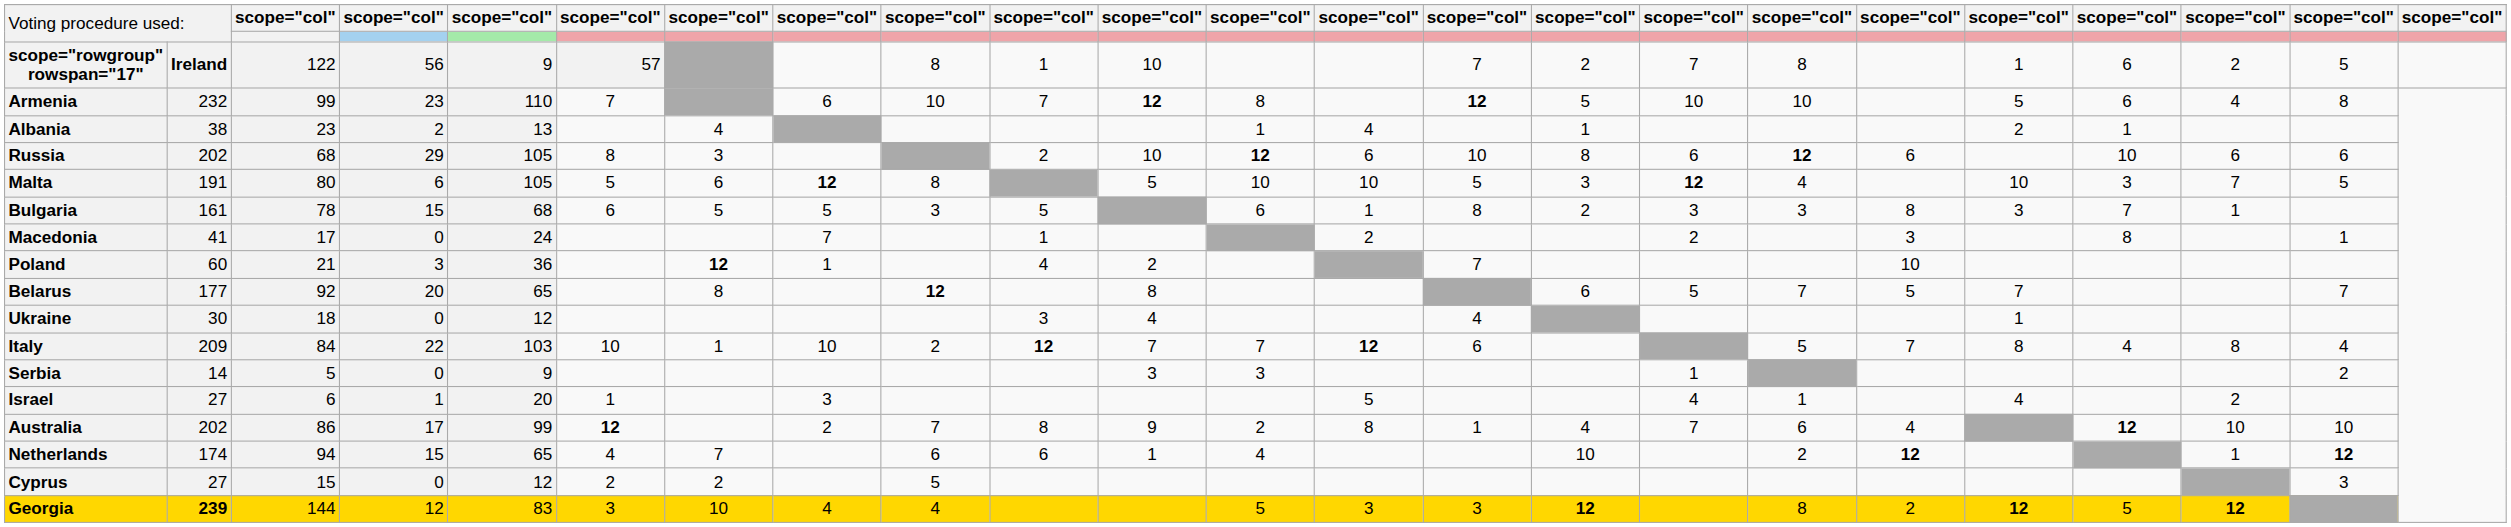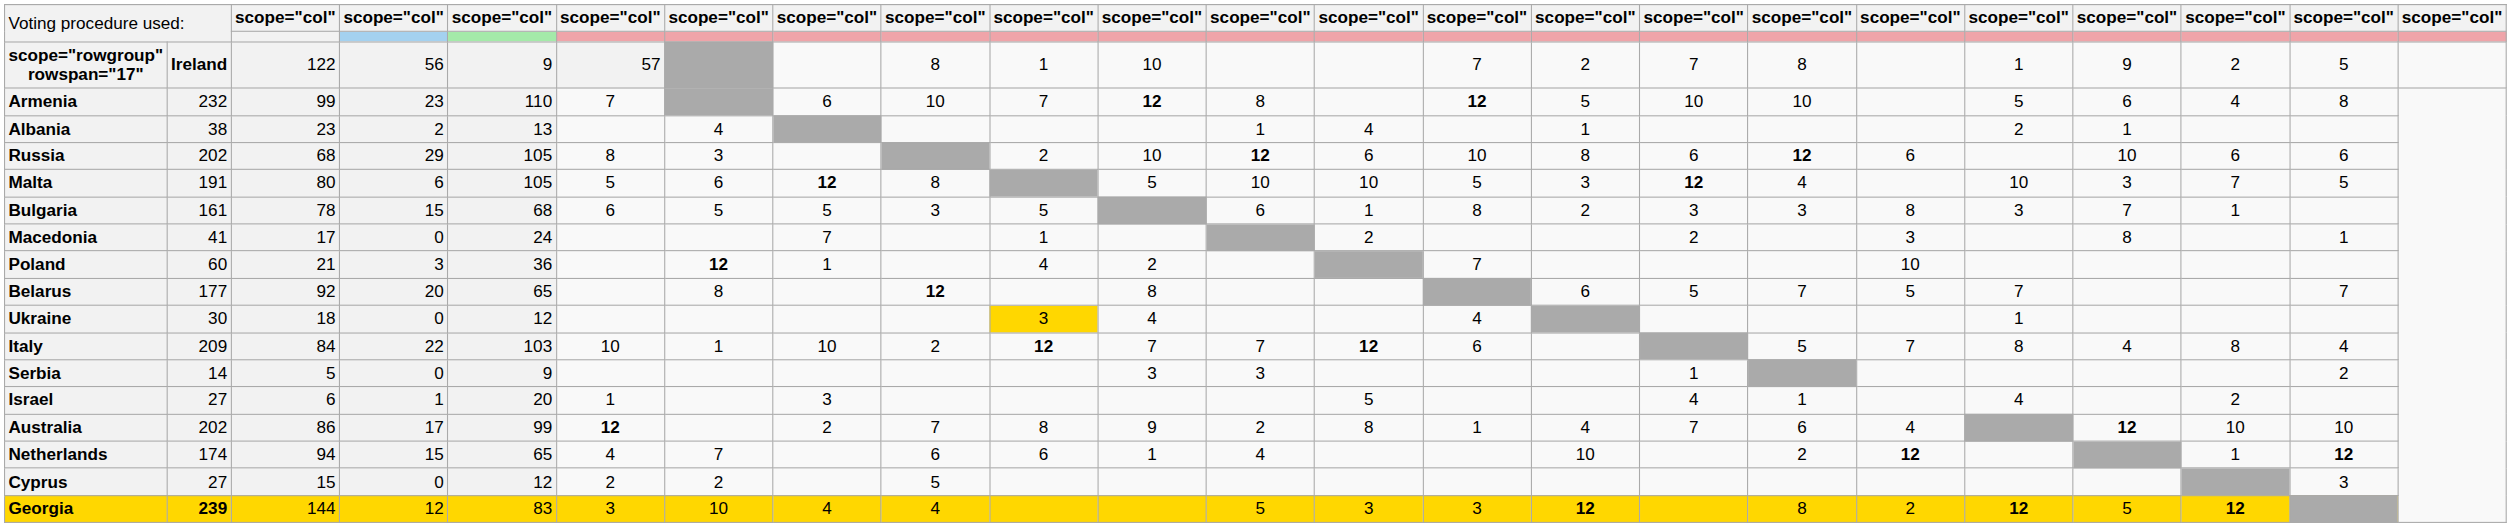 <table class="wikitable plainrowheaders" style="text-align:center;">
 <tr>
 </tr>
 <tr>
 <td colspan="2" rowspan="2" style="text-align:left; background:#F2F2F2">Voting procedure used:<br></td>
 <th>scope="col" </th>
 <th>scope="col" </th>
 <th>scope="col" </th>
 <th>scope="col" </th>
 <th>scope="col" </th>
 <th>scope="col" </th>
 <th>scope="col" </th>
 <th>scope="col" </th>
 <th>scope="col" </th>
 <th>scope="col" </th>
 <th>scope="col" </th>
 <th>scope="col" </th>
 <th>scope="col" </th>
 <th>scope="col" </th>
 <th>scope="col" </th>
 <th>scope="col" </th>
 <th>scope="col" </th>
 <th>scope="col" </th>
 <th>scope="col" </th>
 <th>scope="col" </th>
 <th>scope="col" </th>
 </tr>
 <tr>
 <th style="height:2px; border-top:1px solid transparent;"></th>
 <td style="background:#A4D1EF;"></td>
 <td style="background:#A4EAA9;"></td>
 <td style="background:#EFA4A9;"></td>
 <td style="background:#EFA4A9;"></td>
 <td style="background:#EFA4A9;"></td>
 <td style="background:#EFA4A9;"></td>
 <td style="background:#EFA4A9;"></td>
 <td style="background:#EFA4A9;"></td>
 <td style="background:#EFA4A9;"></td>
 <td style="background:#EFA4A9;"></td>
 <td style="background:#EFA4A9;"></td>
 <td style="background:#EFA4A9;"></td>
 <td style="background:#EFA4A9;"></td>
 <td style="background:#EFA4A9;"></td>
 <td style="background:#EFA4A9;"></td>
 <td style="background:#EFA4A9;"></td>
 <td style="background:#EFA4A9;"></td>
 <td style="background:#EFA4A9;"></td>
 <td style="background:#EFA4A9;"></td>
 <td style="background:#EFA4A9;"></td>
 </tr>
 <tr>
 <th>scope="rowgroup" rowspan="17" </th>
 <th scope="row" style="text-align:left; background:#f2f2f2;">Ireland</th>
 <td style="text-align:right; background:#f2f2f2;">122</td>
 <td style="text-align:right; background:#f2f2f2;">56</td>
 <td style="text-align:right; background:#f2f2f2;">9</td>
 <td style="text-align:right; background:#f2f2f2;">57</td>
 <td style="text-align:left; background:#aaa;"></td>
 <td></td>
 <td>8</td>
 <td>1</td>
 <td>10</td>
 <td></td>
 <td></td>
 <td>7</td>
 <td>2</td>
 <td>7</td>
 <td>8</td>
 <td></td>
 <td>1</td>
-<td>6</td>
+<td>9</td>
 <td>2</td>
 <td>5</td>
 <td></td>
 </tr>
 <tr>
 <th scope="row" style="text-align:left; background:#f2f2f2;">Armenia</th>
 <td style="text-align:right; background:#f2f2f2;">232</td>
 <td style="text-align:right; background:#f2f2f2;">99</td>
 <td style="text-align:right; background:#f2f2f2;">23</td>
 <td style="text-align:right; background:#f2f2f2;">110</td>
 <td>7</td>
 <td style="text-align:left; background:#aaa;"></td>
 <td>6</td>
 <td>10</td>
 <td>7</td>
 <td><strong>12</strong></td>
 <td>8</td>
 <td></td>
 <td><strong>12</strong></td>
 <td>5</td>
 <td>10</td>
 <td>10</td>
 <td></td>
 <td>5</td>
 <td>6</td>
 <td>4</td>
 <td>8</td>
 </tr>
 <tr>
 <th scope="row" style="text-align:left; background:#f2f2f2;">Albania</th>
 <td style="text-align:right; background:#f2f2f2;">38</td>
 <td style="text-align:right; background:#f2f2f2;">23</td>
 <td style="text-align:right; background:#f2f2f2;">2</td>
 <td style="text-align:right; background:#f2f2f2;">13</td>
 <td></td>
 <td>4</td>
 <td style="text-align:left; background:#aaa;"></td>
 <td></td>
 <td></td>
 <td></td>
 <td>1</td>
 <td>4</td>
 <td></td>
 <td>1</td>
 <td></td>
 <td></td>
 <td></td>
 <td>2</td>
 <td>1</td>
 <td></td>
 <td></td>
 </tr>
 <tr>
 <th scope="row" style="text-align:left; background:#f2f2f2;">Russia</th>
 <td style="text-align:right; background:#f2f2f2;">202</td>
 <td style="text-align:right; background:#f2f2f2;">68</td>
 <td style="text-align:right; background:#f2f2f2;">29</td>
 <td style="text-align:right; background:#f2f2f2;">105</td>
 <td>8</td>
 <td>3</td>
 <td></td>
 <td style="text-align:left; background:#aaa;"></td>
 <td>2</td>
 <td>10</td>
 <td><strong>12</strong></td>
 <td>6</td>
 <td>10</td>
 <td>8</td>
 <td>6</td>
 <td><strong>12</strong></td>
 <td>6</td>
 <td></td>
 <td>10</td>
 <td>6</td>
 <td>6</td>
 </tr>
 <tr>
 <th scope="row" style="text-align:left; background:#f2f2f2;">Malta</th>
 <td style="text-align:right; background:#f2f2f2;">191</td>
 <td style="text-align:right; background:#f2f2f2;">80</td>
 <td style="text-align:right; background:#f2f2f2;">6</td>
 <td style="text-align:right; background:#f2f2f2;">105</td>
 <td>5</td>
 <td>6</td>
 <td><strong>12</strong></td>
 <td>8</td>
 <td style="text-align:left; background:#aaa;"></td>
 <td>5</td>
 <td>10</td>
 <td>10</td>
 <td>5</td>
 <td>3</td>
 <td><strong>12</strong></td>
 <td>4</td>
 <td></td>
 <td>10</td>
 <td>3</td>
 <td>7</td>
 <td>5</td>
 </tr>
 <tr>
 <th scope="row" style="text-align:left; background:#f2f2f2;">Bulgaria</th>
 <td style="text-align:right; background:#f2f2f2;">161</td>
 <td style="text-align:right; background:#f2f2f2;">78</td>
 <td style="text-align:right; background:#f2f2f2;">15</td>
 <td style="text-align:right; background:#f2f2f2;">68</td>
 <td>6</td>
 <td>5</td>
 <td>5</td>
 <td>3</td>
 <td>5</td>
 <td style="text-align:left; background:#aaa;"></td>
 <td>6</td>
 <td>1</td>
 <td>8</td>
 <td>2</td>
 <td>3</td>
 <td>3</td>
 <td>8</td>
 <td>3</td>
 <td>7</td>
 <td>1</td>
 <td></td>
 </tr>
 <tr>
 <th scope="row" style="text-align:left; background:#f2f2f2;">Macedonia</th>
 <td style="text-align:right; background:#f2f2f2;">41</td>
 <td style="text-align:right; background:#f2f2f2;">17</td>
 <td style="text-align:right; background:#f2f2f2;">0</td>
 <td style="text-align:right; background:#f2f2f2;">24</td>
 <td></td>
 <td></td>
 <td>7</td>
 <td></td>
 <td>1</td>
 <td></td>
 <td style="text-align:left; background:#aaa;"></td>
 <td>2</td>
 <td></td>
 <td></td>
 <td>2</td>
 <td></td>
 <td>3</td>
 <td></td>
 <td>8</td>
 <td></td>
 <td>1</td>
 </tr>
 <tr>
 <th scope="row" style="text-align:left; background:#f2f2f2;">Poland</th>
 <td style="text-align:right; background:#f2f2f2;">60</td>
 <td style="text-align:right; background:#f2f2f2;">21</td>
 <td style="text-align:right; background:#f2f2f2;">3</td>
 <td style="text-align:right; background:#f2f2f2;">36</td>
 <td></td>
 <td><strong>12</strong></td>
 <td>1</td>
 <td></td>
 <td>4</td>
 <td>2</td>
 <td></td>
 <td style="text-align:left; background:#aaa;"></td>
 <td>7</td>
 <td></td>
 <td></td>
 <td></td>
 <td>10</td>
 <td></td>
 <td></td>
 <td></td>
 <td></td>
 </tr>
 <tr>
 <th scope="row" style="text-align:left; background:#f2f2f2;">Belarus</th>
 <td style="text-align:right; background:#f2f2f2;">177</td>
 <td style="text-align:right; background:#f2f2f2;">92</td>
 <td style="text-align:right; background:#f2f2f2;">20</td>
 <td style="text-align:right; background:#f2f2f2;">65</td>
 <td></td>
 <td>8</td>
 <td></td>
 <td><strong>12</strong></td>
 <td></td>
 <td>8</td>
 <td></td>
 <td></td>
 <td style="text-align:left; background:#aaa;"></td>
 <td>6</td>
 <td>5</td>
 <td>7</td>
 <td>5</td>
 <td>7</td>
 <td></td>
 <td></td>
 <td>7</td>
 </tr>
 <tr>
 <th scope="row" style="text-align:left; background:#f2f2f2;">Ukraine</th>
 <td style="text-align:right; background:#f2f2f2;">30</td>
 <td style="text-align:right; background:#f2f2f2;">18</td>
 <td style="text-align:right; background:#f2f2f2;">0</td>
 <td style="text-align:right; background:#f2f2f2;">12</td>
 <td></td>
 <td></td>
 <td></td>
 <td></td>
-<td>3</td>
+<td style="background: gold;">3</td>
 <td>4</td>
 <td></td>
 <td></td>
 <td>4</td>
 <td style="text-align:left; background:#aaa;"></td>
 <td></td>
 <td></td>
 <td></td>
 <td>1</td>
 <td></td>
 <td></td>
 <td></td>
 </tr>
 <tr>
 <th scope="row" style="text-align:left; background:#f2f2f2;">Italy</th>
 <td style="text-align:right; background:#f2f2f2;">209</td>
 <td style="text-align:right; background:#f2f2f2;">84</td>
 <td style="text-align:right; background:#f2f2f2;">22</td>
 <td style="text-align:right; background:#f2f2f2;">103</td>
 <td>10</td>
 <td>1</td>
 <td>10</td>
 <td>2</td>
 <td><strong>12</strong></td>
 <td>7</td>
 <td>7</td>
 <td><strong>12</strong></td>
 <td>6</td>
 <td></td>
 <td style="text-align:left; background:#aaa;"></td>
 <td>5</td>
 <td>7</td>
 <td>8</td>
 <td>4</td>
 <td>8</td>
 <td>4</td>
 </tr>
 <tr>
 <th scope="row" style="text-align:left; background:#f2f2f2;">Serbia</th>
 <td style="text-align:right; background:#f2f2f2;">14</td>
 <td style="text-align:right; background:#f2f2f2;">5</td>
 <td style="text-align:right; background:#f2f2f2;">0</td>
 <td style="text-align:right; background:#f2f2f2;">9</td>
 <td></td>
 <td></td>
 <td></td>
 <td></td>
 <td></td>
 <td>3</td>
 <td>3</td>
 <td></td>
 <td></td>
 <td></td>
 <td>1</td>
 <td style="text-align:left; background:#aaa;"></td>
 <td></td>
 <td></td>
 <td></td>
 <td></td>
 <td>2</td>
 </tr>
 <tr>
 <th scope="row" style="text-align:left; background:#f2f2f2;">Israel</th>
 <td style="text-align:right; background:#f2f2f2;">27</td>
 <td style="text-align:right; background:#f2f2f2;">6</td>
 <td style="text-align:right; background:#f2f2f2;">1</td>
 <td style="text-align:right; background:#f2f2f2;">20</td>
 <td>1</td>
 <td></td>
 <td>3</td>
 <td></td>
 <td></td>
 <td></td>
 <td></td>
 <td>5</td>
 <td></td>
 <td></td>
 <td>4</td>
 <td>1</td>
 <td></td>
 <td>4</td>
 <td></td>
 <td>2</td>
 <td></td>
 </tr>
 <tr>
 <th scope="row" style="text-align:left; background:#f2f2f2;">Australia</th>
 <td style="text-align:right; background:#f2f2f2;">202</td>
 <td style="text-align:right; background:#f2f2f2;">86</td>
 <td style="text-align:right; background:#f2f2f2;">17</td>
 <td style="text-align:right; background:#f2f2f2;">99</td>
 <td><strong>12</strong></td>
 <td></td>
 <td>2</td>
 <td>7</td>
 <td>8</td>
 <td>9</td>
 <td>2</td>
 <td>8</td>
 <td>1</td>
 <td>4</td>
 <td>7</td>
 <td>6</td>
 <td>4</td>
 <td style="text-align:left; background:#aaa;"></td>
 <td><strong>12</strong></td>
 <td>10</td>
 <td>10</td>
 </tr>
 <tr>
 <th scope="row" style="text-align:left; background:#f2f2f2;">Netherlands</th>
 <td style="text-align:right; background:#f2f2f2;">174</td>
 <td style="text-align:right; background:#f2f2f2;">94</td>
 <td style="text-align:right; background:#f2f2f2;">15</td>
 <td style="text-align:right; background:#f2f2f2;">65</td>
 <td>4</td>
 <td>7</td>
 <td></td>
 <td>6</td>
 <td>6</td>
 <td>1</td>
 <td>4</td>
 <td></td>
 <td></td>
 <td>10</td>
 <td></td>
 <td>2</td>
 <td><strong>12</strong></td>
 <td></td>
 <td style="text-align:left; background:#aaa;"></td>
 <td>1</td>
 <td><strong>12</strong></td>
 </tr>
 <tr>
 <th scope="row" style="text-align:left; background:#f2f2f2;">Cyprus</th>
 <td style="text-align:right; background:#f2f2f2;">27</td>
 <td style="text-align:right; background:#f2f2f2;">15</td>
 <td style="text-align:right; background:#f2f2f2;">0</td>
 <td style="text-align:right; background:#f2f2f2;">12</td>
 <td>2</td>
 <td>2</td>
 <td></td>
 <td>5</td>
 <td></td>
 <td></td>
 <td></td>
 <td></td>
 <td></td>
 <td></td>
 <td></td>
 <td></td>
 <td></td>
 <td></td>
 <td></td>
 <td style="text-align:left; background:#aaa;"></td>
 <td>3</td>
 </tr>
 <tr style="background:gold;">
 <th scope="row" style="text-align:left; font-weight:bold; background:gold;">Georgia</th>
 <td style="text-align:right; font-weight:bold;">239</td>
 <td style="text-align:right;">144</td>
 <td style="text-align:right;">12</td>
 <td style="text-align:right;">83</td>
 <td>3</td>
 <td>10</td>
 <td>4</td>
 <td>4</td>
 <td></td>
 <td></td>
 <td>5</td>
 <td>3</td>
 <td>3</td>
 <td><strong>12</strong></td>
 <td></td>
 <td>8</td>
 <td>2</td>
 <td><strong>12</strong></td>
 <td>5</td>
 <td><strong>12</strong></td>
 <td style="text-align:left; background:#aaa;"></td>
 </tr>
 </table>
